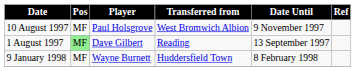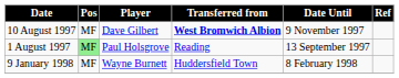 <table class="wikitable plainrowheaders sortable">
 <tr>
 <th style="background:#000000; color:#FFFFFF; ">Date</th>
 <th style="background:#000000; color:#FFFFff; ">Pos</th>
 <th style="background:#000000; color:#FFFFff; ">Player</th>
 <th style="background:#000000; color:#FFFFff; ">Transferred from</th>
 <th style="background:#000000; color:#FFFFff; ">Date Until</th>
 <th style="background:#000000; color:#FFFFff; ">Ref</th>
 </tr>
 <tr>
 <td>10 August 1997</td>
 <td>MF</td>
-<td> <a href='#'>Paul Holsgrove</a></td>
-<td> <a href='#'>West Bromwich Albion</a></td>
+<td> <a href='#'>Dave Gilbert</a></td>
+<td><strong> <a href='#'>West Bromwich Albion</a></strong></td>
 <td>9 November 1997</td>
 <td></td>
 </tr>
 <tr>
 <td>1 August 1997</td>
 <td style="background: lightgreen;">MF</td>
-<td> <a href='#'>Dave Gilbert</a></td>
+<td> <a href='#'>Paul Holsgrove</a></td>
 <td> <a href='#'>Reading</a></td>
 <td>13 September 1997</td>
 <td></td>
 </tr>
 <tr>
 <td>9 January 1998</td>
 <td>MF</td>
 <td> <a href='#'>Wayne Burnett</a></td>
 <td> <a href='#'>Huddersfield Town</a></td>
 <td>8 February 1998</td>
 <td></td>
 </tr>
 <tr>
 </tr>
 </table>
